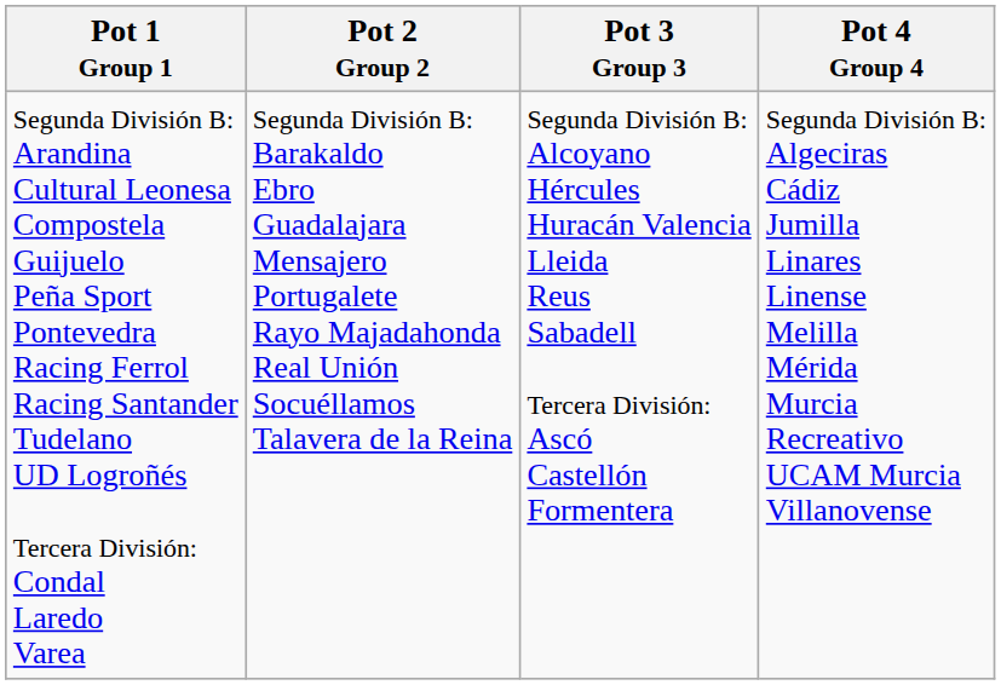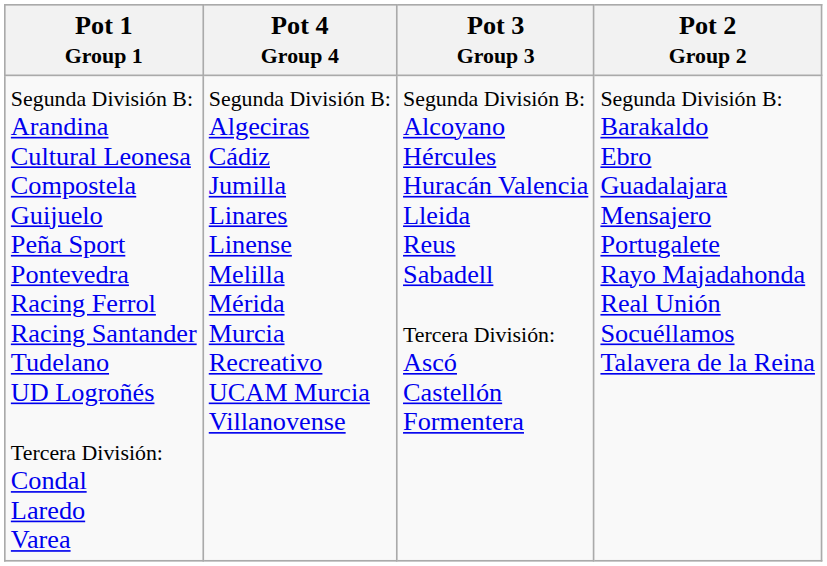 <table class="wikitable">
 <tr>
 <th>Pot 1<br><small>Group 1</small></th>
+<th>Pot 4<br><small>Group 4</small></th>
+<th>Pot 3<br><small>Group 3</small></th>
 <th>Pot 2<br><small>Group 2</small></th>
-<th>Pot 3<br><small>Group 3</small></th>
-<th>Pot 4<br><small>Group 4</small></th>
 </tr>
 <tr>
 <td valign=top><small>Segunda División B:</small><br><a href='#'>Arandina</a><br><a href='#'>Cultural Leonesa</a><br><a href='#'>Compostela</a><br><a href='#'>Guijuelo</a><br><a href='#'>Peña Sport</a><br><a href='#'>Pontevedra</a><br><a href='#'>Racing Ferrol</a><br><a href='#'>Racing Santander</a><br><a href='#'>Tudelano</a><br><a href='#'>UD Logroñés</a><br><br><small>Tercera División:</small><br><a href='#'>Condal</a><br><a href='#'>Laredo</a><br><a href='#'>Varea</a></td>
+<td valign=top><small>Segunda División B:</small><br><a href='#'>Algeciras</a><br><a href='#'>Cádiz</a><br><a href='#'>Jumilla</a><br><a href='#'>Linares</a><br><a href='#'>Linense</a><br><a href='#'>Melilla</a><br><a href='#'>Mérida</a><br><a href='#'>Murcia</a><br><a href='#'>Recreativo</a><br><a href='#'>UCAM Murcia</a><br><a href='#'>Villanovense</a></td>
+<td valign=top><small>Segunda División B:</small><br><a href='#'>Alcoyano</a><br><a href='#'>Hércules</a><br><a href='#'>Huracán Valencia</a><br><a href='#'>Lleida</a><br><a href='#'>Reus</a><br><a href='#'>Sabadell</a><br><br><small>Tercera División:</small><br><a href='#'>Ascó</a><br><a href='#'>Castellón</a><br><a href='#'>Formentera</a></td>
 <td valign=top><small>Segunda División B:</small><br><a href='#'>Barakaldo</a><br><a href='#'>Ebro</a><br><a href='#'>Guadalajara</a><br><a href='#'>Mensajero</a><br><a href='#'>Portugalete</a><br><a href='#'>Rayo Majadahonda</a><br><a href='#'>Real Unión</a><br><a href='#'>Socuéllamos</a><br><a href='#'>Talavera de la Reina</a></td>
-<td valign=top><small>Segunda División B:</small><br><a href='#'>Alcoyano</a><br><a href='#'>Hércules</a><br><a href='#'>Huracán Valencia</a><br><a href='#'>Lleida</a><br><a href='#'>Reus</a><br><a href='#'>Sabadell</a><br><br><small>Tercera División:</small><br><a href='#'>Ascó</a><br><a href='#'>Castellón</a><br><a href='#'>Formentera</a></td>
-<td valign=top><small>Segunda División B:</small><br><a href='#'>Algeciras</a><br><a href='#'>Cádiz</a><br><a href='#'>Jumilla</a><br><a href='#'>Linares</a><br><a href='#'>Linense</a><br><a href='#'>Melilla</a><br><a href='#'>Mérida</a><br><a href='#'>Murcia</a><br><a href='#'>Recreativo</a><br><a href='#'>UCAM Murcia</a><br><a href='#'>Villanovense</a></td>
 </tr>
 </table>
